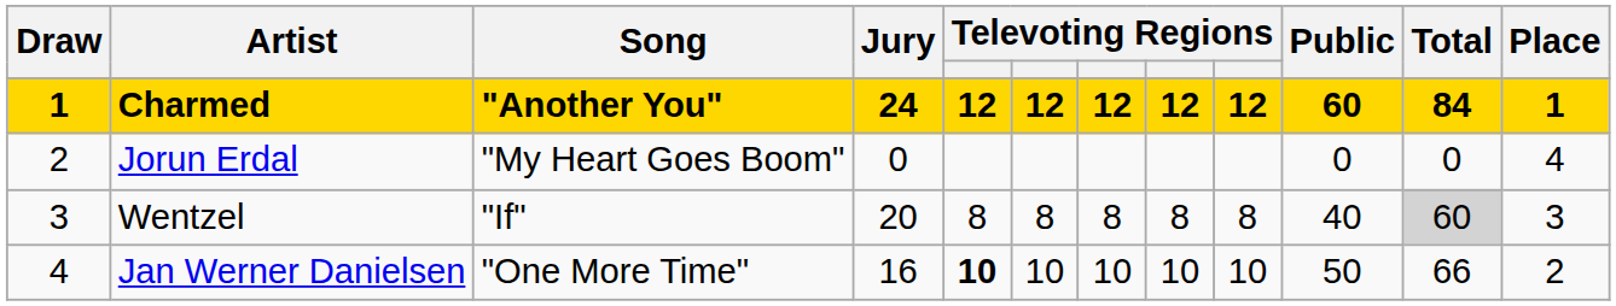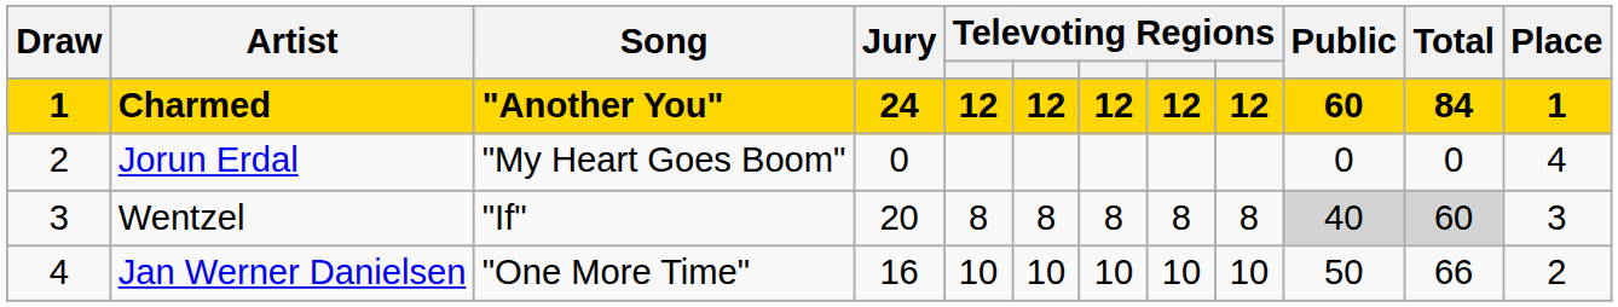 <table class="sortable wikitable plainrowheaders" style="margin: 1em auto 1em auto; text-align:center">
 <tr>
 <th rowspan="2">Draw</th>
 <th rowspan="2">Artist</th>
 <th rowspan="2">Song</th>
 <th rowspan="2">Jury</th>
 <th colspan="5" class="unsortable">Televoting Regions</th>
 <th rowspan="2">Public</th>
 <th rowspan="2">Total</th>
 <th rowspan="2">Place</th>
 </tr>
 <tr>
 <th></th>
 <th></th>
 <th></th>
 <th></th>
 <th></th>
 </tr>
 <tr style="font-weight:bold; background:gold;">
 <td>1</td>
 <td align="left">Charmed</td>
 <td align="left">"Another You"</td>
 <td>24</td>
 <td>12</td>
 <td>12</td>
 <td>12</td>
 <td>12</td>
 <td>12</td>
 <td>60</td>
 <td>84</td>
 <td>1</td>
 </tr>
 <tr>
 <td>2</td>
 <td align="left"><a href='#'>Jorun Erdal</a></td>
 <td align="left">"My Heart Goes Boom"</td>
 <td>0</td>
 <td></td>
 <td></td>
 <td></td>
 <td></td>
 <td></td>
 <td>0</td>
 <td>0</td>
 <td>4</td>
 </tr>
 <tr>
 <td>3</td>
 <td align="left">Wentzel</td>
 <td align="left">"If"</td>
 <td>20</td>
 <td>8</td>
 <td>8</td>
 <td>8</td>
 <td>8</td>
 <td>8</td>
-<td>40</td>
+<td style="background: lightgrey;">40</td>
 <td style="background: lightgrey;">60</td>
 <td>3</td>
 </tr>
 <tr>
 <td>4</td>
 <td align="left"><a href='#'>Jan Werner Danielsen</a></td>
 <td align="left">"One More Time"</td>
 <td>16</td>
-<td><strong>10</strong></td>
+<td>10</td>
 <td>10</td>
 <td>10</td>
 <td>10</td>
 <td>10</td>
 <td>50</td>
 <td>66</td>
 <td>2</td>
 </tr>
 </table>
